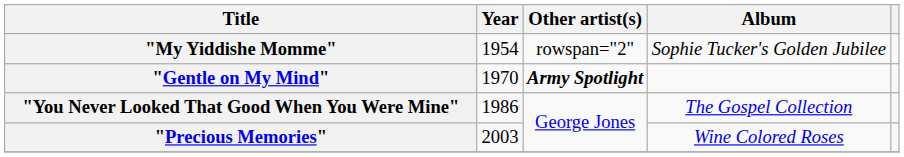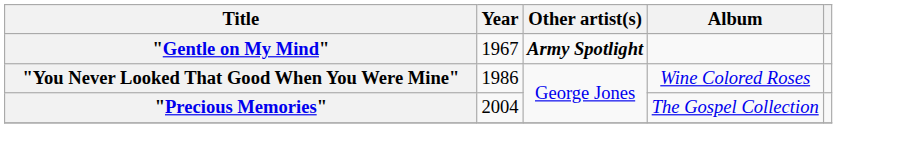 <table class="wikitable plainrowheaders" style="text-align:center;" border="1">
 <tr>
 <th scope="col" style="width:25em;">Title</th>
 <th scope="col">Year</th>
 <th scope="col">Other artist(s)</th>
 <th scope="col">Album</th>
 <th scope="col"></th>
 </tr>
 <tr>
-<th scope="row">"My Yiddishe Momme"</th>
-<td>1954</td>
-<td>rowspan="2" </td>
-<td><em>Sophie Tucker's Golden Jubilee</em></td>
-<td align="center"></td>
-</tr>
-<tr>
 <th scope="row">"<a href='#'>Gentle on My Mind</a>"</th>
-<td>1970</td>
+<td>1967</td>
 <td><strong><em>Army Spotlight</em></strong></td>
 <td align="center"></td>
 </tr>
 <tr>
 <th scope="row">"You Never Looked That Good When You Were Mine"</th>
 <td>1986</td>
 <td rowspan="2"><a href='#'>George Jones</a></td>
-<td><em><a href='#'>The Gospel Collection</a></em></td>
+<td><em><a href='#'>Wine Colored Roses</a></em></td>
 <td align="center"></td>
 </tr>
 <tr>
 <th scope="row">"<a href='#'>Precious Memories</a>"</th>
-<td>2003</td>
-<td><em><a href='#'>Wine Colored Roses</a></em></td>
+<td>2004</td>
+<td><em><a href='#'>The Gospel Collection</a></em></td>
 <td align="center"></td>
 </tr>
 <tr>
 </tr>
 </table>
